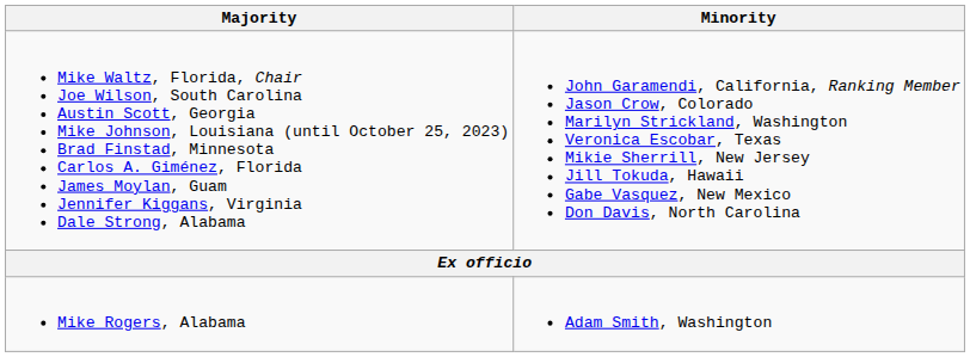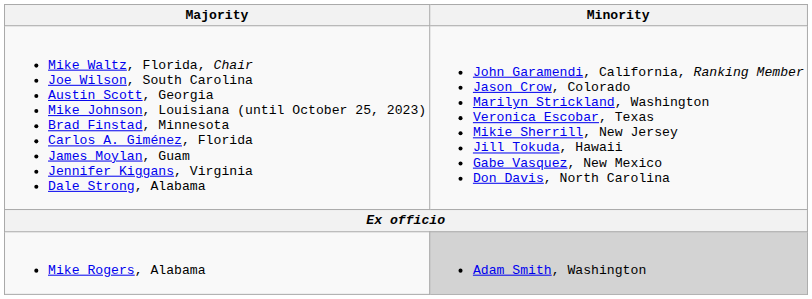 <table class=wikitable>
 <tr>
 <th>Majority</th>
 <th>Minority</th>
 </tr>
 <tr>
 <td><br><ul><li><a href='#'>Mike Waltz</a>, Florida, <em>Chair</em></li><li><a href='#'>Joe Wilson</a>, South Carolina</li><li><a href='#'>Austin Scott</a>, Georgia</li><li><a href='#'>Mike Johnson</a>, Louisiana (until October 25, 2023)</li><li><a href='#'>Brad Finstad</a>, Minnesota</li><li><a href='#'>Carlos A. Giménez</a>, Florida</li><li><a href='#'>James Moylan</a>, Guam</li><li><a href='#'>Jennifer Kiggans</a>, Virginia</li><li><a href='#'>Dale Strong</a>, Alabama</li></ul></td>
 <td><br><ul><li><a href='#'>John Garamendi</a>, California, <em>Ranking Member</em></li><li><a href='#'>Jason Crow</a>, Colorado</li><li><a href='#'>Marilyn Strickland</a>, Washington</li><li><a href='#'>Veronica Escobar</a>, Texas</li><li><a href='#'>Mikie Sherrill</a>, New Jersey</li><li><a href='#'>Jill Tokuda</a>, Hawaii</li><li><a href='#'>Gabe Vasquez</a>, New Mexico</li><li><a href='#'>Don Davis</a>, North Carolina</li></ul></td>
 </tr>
 <tr>
 <th colspan=2><em>Ex officio</em></th>
 </tr>
 <tr>
 <td><br><ul><li><a href='#'>Mike Rogers</a>, Alabama</li></ul></td>
-<td><br><ul><li><a href='#'>Adam Smith</a>, Washington</li></ul></td>
+<td style="background: lightgrey;"><br><ul><li><a href='#'>Adam Smith</a>, Washington</li></ul></td>
 </tr>
 </table>
